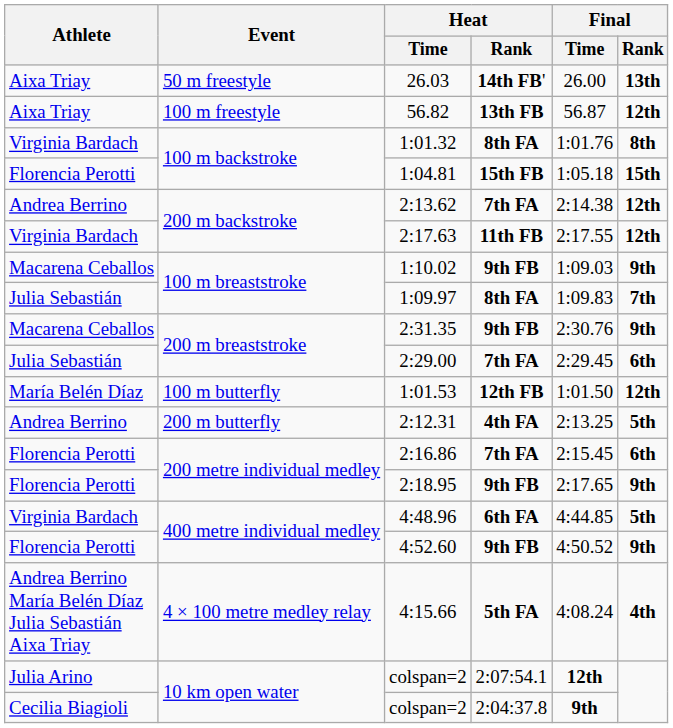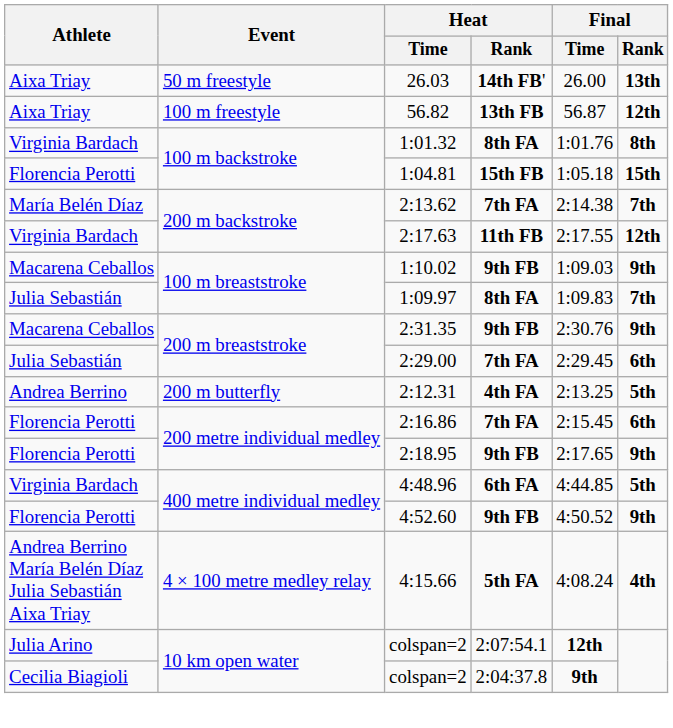 <table class=wikitable style="font-size:90%">
 <tr>
 <th rowspan="2">Athlete</th>
 <th rowspan="2">Event</th>
 <th colspan="2">Heat</th>
 <th colspan="2">Final</th>
 </tr>
 <tr style="font-size:95%">
 <th>Time</th>
 <th>Rank</th>
 <th>Time</th>
 <th>Rank</th>
 </tr>
 <tr align=center>
 <td align=left><a href='#'>Aixa Triay</a></td>
 <td align=left><a href='#'>50 m freestyle</a></td>
 <td>26.03</td>
 <td><strong>14th</strong> <strong>FB</strong>'</td>
 <td>26.00</td>
 <td><strong>13th</strong></td>
 </tr>
 <tr align=center>
 <td align=left><a href='#'>Aixa Triay</a></td>
 <td align=left><a href='#'>100 m freestyle</a></td>
 <td>56.82</td>
 <td><strong>13th</strong> <strong>FB</strong></td>
 <td>56.87</td>
 <td><strong>12th</strong></td>
 </tr>
 <tr align=center>
 <td align=left><a href='#'>Virginia Bardach</a></td>
 <td align=left rowspan="2"><a href='#'>100 m backstroke</a></td>
 <td>1:01.32</td>
 <td><strong>8th</strong> <strong>FA</strong></td>
 <td>1:01.76</td>
 <td><strong>8th</strong></td>
 </tr>
 <tr align=center>
 <td align=left><a href='#'>Florencia Perotti</a></td>
 <td>1:04.81</td>
 <td><strong>15th</strong> <strong>FB</strong></td>
 <td>1:05.18</td>
 <td><strong>15th</strong></td>
 </tr>
 <tr align=center>
-<td align=left><a href='#'>Andrea Berrino</a></td>
+<td align=left><a href='#'>María Belén Díaz</a></td>
 <td align=left rowspan="2"><a href='#'>200 m backstroke</a></td>
 <td>2:13.62</td>
 <td><strong>7th</strong> <strong>FA</strong></td>
 <td>2:14.38</td>
-<td><strong>12th</strong></td>
+<td><strong>7th</strong></td>
 </tr>
 <tr align=center>
 <td align=left><a href='#'>Virginia Bardach</a></td>
 <td>2:17.63</td>
 <td><strong>11th</strong> <strong>FB</strong></td>
 <td>2:17.55</td>
 <td><strong>12th</strong></td>
 </tr>
 <tr align=center>
 <td align=left><a href='#'>Macarena Ceballos</a></td>
 <td align=left rowspan="2"><a href='#'>100 m breaststroke</a></td>
 <td>1:10.02</td>
 <td><strong>9th</strong> <strong>FB</strong></td>
 <td>1:09.03</td>
 <td><strong>9th</strong></td>
 </tr>
 <tr align=center>
 <td align=left><a href='#'>Julia Sebastián</a></td>
 <td>1:09.97</td>
 <td><strong>8th</strong> <strong>FA</strong></td>
 <td>1:09.83</td>
 <td><strong>7th</strong></td>
 </tr>
 <tr align=center>
 <td align=left><a href='#'>Macarena Ceballos</a></td>
 <td align=left rowspan="2"><a href='#'>200 m breaststroke</a></td>
 <td>2:31.35</td>
 <td><strong>9th</strong> <strong>FB</strong></td>
 <td>2:30.76</td>
 <td><strong>9th</strong></td>
 </tr>
 <tr align=center>
 <td align=left><a href='#'>Julia Sebastián</a></td>
 <td>2:29.00</td>
 <td><strong>7th</strong> <strong>FA</strong></td>
 <td>2:29.45</td>
 <td><strong>6th</strong></td>
-</tr>
-<tr align=center>
-<td align=left><a href='#'>María Belén Díaz</a></td>
-<td align=left><a href='#'>100 m butterfly</a></td>
-<td>1:01.53</td>
-<td><strong>12th</strong> <strong>FB</strong></td>
-<td>1:01.50</td>
-<td><strong>12th</strong></td>
 </tr>
 <tr align=center>
 <td align=left><a href='#'>Andrea Berrino</a></td>
 <td align=left><a href='#'>200 m butterfly</a></td>
 <td>2:12.31</td>
 <td><strong>4th</strong> <strong>FA</strong></td>
 <td>2:13.25</td>
 <td><strong>5th</strong></td>
 </tr>
 <tr align=center>
 <td align=left><a href='#'>Florencia Perotti</a></td>
 <td align=left rowspan="2"><a href='#'>200 metre individual medley</a></td>
 <td>2:16.86</td>
 <td><strong>7th</strong> <strong>FA</strong></td>
 <td>2:15.45</td>
 <td><strong>6th</strong></td>
 </tr>
 <tr align=center>
 <td align=left><a href='#'>Florencia Perotti</a></td>
 <td>2:18.95</td>
 <td><strong>9th</strong> <strong>FB</strong></td>
 <td>2:17.65</td>
 <td><strong>9th</strong></td>
 </tr>
 <tr align=center>
 <td align=left><a href='#'>Virginia Bardach</a></td>
 <td align=left rowspan="2"><a href='#'>400 metre individual medley</a></td>
 <td>4:48.96</td>
 <td><strong>6th</strong> <strong>FA</strong></td>
 <td>4:44.85</td>
 <td><strong>5th</strong></td>
 </tr>
 <tr align=center>
 <td align=left><a href='#'>Florencia Perotti</a></td>
 <td>4:52.60</td>
 <td><strong>9th</strong> <strong>FB</strong></td>
 <td>4:50.52</td>
 <td><strong>9th</strong></td>
 </tr>
 <tr align=center>
 <td align=left><a href='#'>Andrea Berrino</a><br><a href='#'>María Belén Díaz</a><br><a href='#'>Julia Sebastián</a><br><a href='#'>Aixa Triay</a></td>
 <td align=left><a href='#'>4 × 100 metre medley relay</a></td>
 <td>4:15.66</td>
 <td><strong>5th</strong> <strong>FA</strong></td>
 <td>4:08.24</td>
 <td><strong>4th</strong></td>
 </tr>
 <tr align=center>
 <td align=left><a href='#'>Julia Arino</a></td>
 <td align=left rowspan="2"><a href='#'>10 km open water</a></td>
 <td>colspan=2 </td>
 <td>2:07:54.1</td>
 <td><strong>12th</strong></td>
 </tr>
 <tr align=center>
 <td align=left><a href='#'>Cecilia Biagioli</a></td>
 <td>colspan=2 </td>
 <td>2:04:37.8</td>
 <td><strong>9th</strong></td>
 </tr>
 </table>
